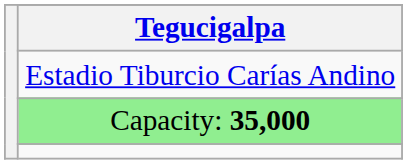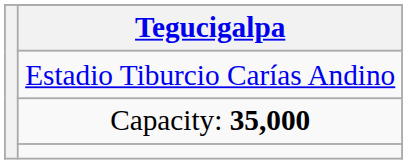 <table class="wikitable" style="text-align:center">
 <tr>
 <th rowspan="8"></th>
 </tr>
 <tr>
 <th><a href='#'>Tegucigalpa</a></th>
 </tr>
 <tr>
 <td><a href='#'>Estadio Tiburcio Carías Andino</a></td>
 </tr>
 <tr>
-<td style="background: lightgreen;">Capacity: <strong>35,000</strong></td>
+<td>Capacity: <strong>35,000</strong></td>
 </tr>
 <tr>
 <td></td>
 </tr>
 </table>
